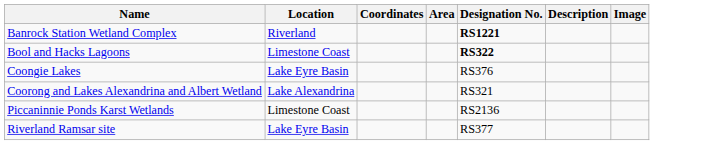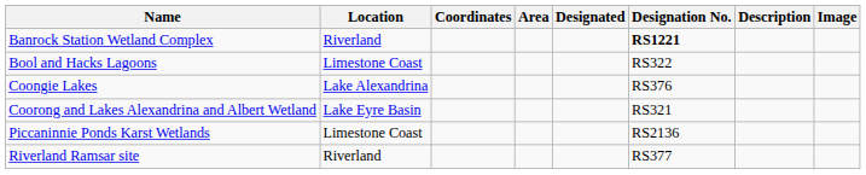 <table class="wikitable sortable">
 <tr>
 <th style="background-color:">Name</th>
 <th style="background-color:">Location</th>
 <th style="background-color:">Coordinates</th>
 <th style="background-color:">Area</th>
+<th style="background-color:">Designated</th>
 <th style="background-color:">Designation No.</th>
 <th style="background-color:">Description</th>
 <th style="background-color:">Image</th>
 </tr>
 <tr>
 <td><a href='#'>Banrock Station Wetland Complex</a></td>
 <td><a href='#'>Riverland</a></td>
+<td></td>
 <td></td>
 <td></td>
 <td><strong>RS1221</strong></td>
 <td></td>
 <td></td>
 </tr>
 <tr>
 <td><a href='#'>Bool and Hacks Lagoons</a></td>
 <td><a href='#'>Limestone Coast</a></td>
 <td></td>
 <td></td>
-<td><strong>RS322</strong></td>
+<td></td>
+<td>RS322</td>
 <td></td>
 <td></td>
 </tr>
 <tr>
 <td><a href='#'>Coongie Lakes</a></td>
-<td><a href='#'>Lake Eyre Basin</a></td>
+<td><a href='#'>Lake Alexandrina</a></td>
+<td></td>
 <td></td>
 <td></td>
 <td>RS376</td>
 <td></td>
 <td></td>
 </tr>
 <tr>
 <td><a href='#'>Coorong and Lakes Alexandrina and Albert Wetland</a></td>
-<td><a href='#'>Lake Alexandrina</a></td>
+<td><a href='#'>Lake Eyre Basin</a></td>
+<td></td>
 <td></td>
 <td></td>
 <td>RS321</td>
 <td></td>
 <td></td>
 </tr>
 <tr>
 <td><a href='#'>Piccaninnie Ponds Karst Wetlands</a></td>
 <td>Limestone Coast</td>
 <td></td>
 <td></td>
+<td></td>
 <td>RS2136</td>
 <td></td>
 <td></td>
 </tr>
 <tr>
 <td><a href='#'>Riverland Ramsar site</a></td>
-<td><a href='#'>Lake Eyre Basin</a></td>
+<td>Riverland</td>
+<td></td>
 <td></td>
 <td></td>
 <td>RS377</td>
 <td></td>
 <td></td>
 </tr>
 </table>
